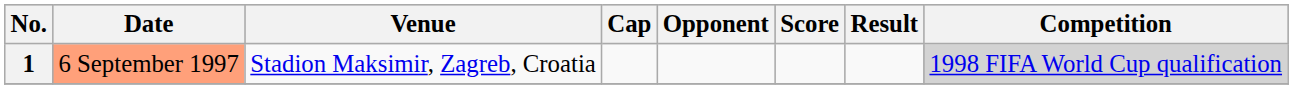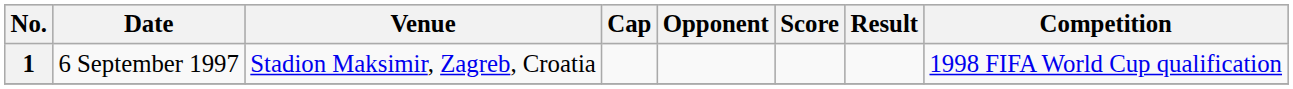 <table class="wikitable">
 <tr style="background:#ccc; text-align:center;">
 <th>No.</th>
 <th>Date</th>
 <th>Venue</th>
 <th>Cap</th>
 <th>Opponent</th>
 <th>Score</th>
 <th>Result</th>
 <th>Competition</th>
 </tr>
 <tr>
 <th>1</th>
-<td style="background: lightsalmon;">6 September 1997</td>
+<td>6 September 1997</td>
 <td><a href='#'>Stadion Maksimir</a>, <a href='#'>Zagreb</a>, Croatia</td>
 <td></td>
 <td></td>
 <td></td>
 <td></td>
-<td style="background: lightgrey;"><a href='#'>1998 FIFA World Cup qualification</a></td>
+<td><a href='#'>1998 FIFA World Cup qualification</a></td>
 </tr>
 <tr>
 </tr>
 </table>
